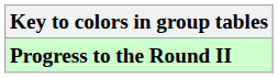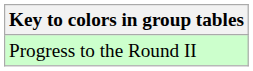 <table class="wikitable" border="1">
 <tr>
 <th>Key to colors in group tables</th>
 </tr>
 <tr style="background:#cfc;">
-<td><strong>Progress to the  Round II</strong></td>
+<td>Progress to the  Round II</td>
 </tr>
 </table>
